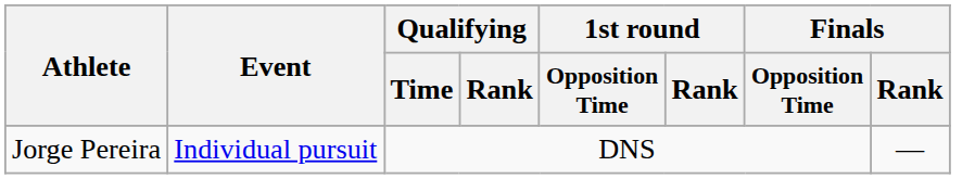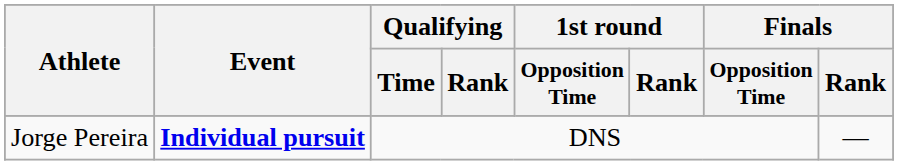 <table class=wikitable style="font-size:90%">
 <tr>
 <th rowspan="2">Athlete</th>
 <th rowspan="2">Event</th>
 <th colspan="2">Qualifying</th>
 <th colspan="2">1st round</th>
 <th colspan="2">Finals</th>
 </tr>
 <tr>
 <th>Time</th>
 <th>Rank</th>
 <th style="line-height:1em"><small>Opposition<br>Time</small></th>
 <th>Rank</th>
 <th style="line-height:1em"><small>Opposition<br>Time</small></th>
 <th>Rank</th>
 </tr>
 <tr>
 <td align=center>Jorge Pereira</td>
-<td align=center><a href='#'>Individual pursuit</a></td>
+<td align=center><strong><a href='#'>Individual pursuit</a></strong></td>
 <td align=center colspan=5>DNS</td>
 <td align=center>—</td>
 </tr>
 </table>
